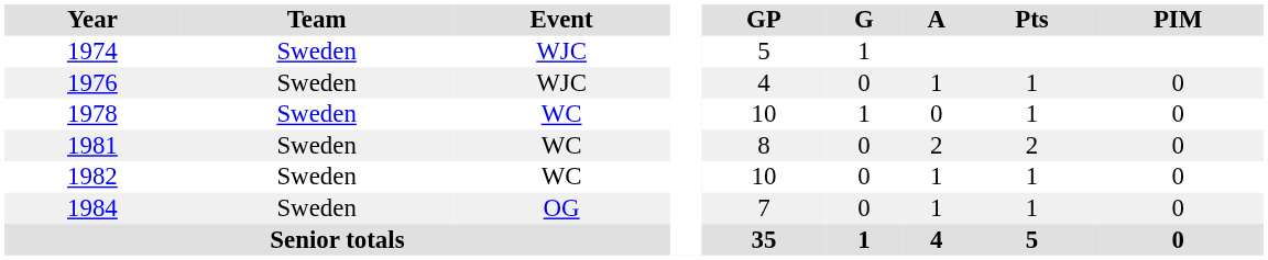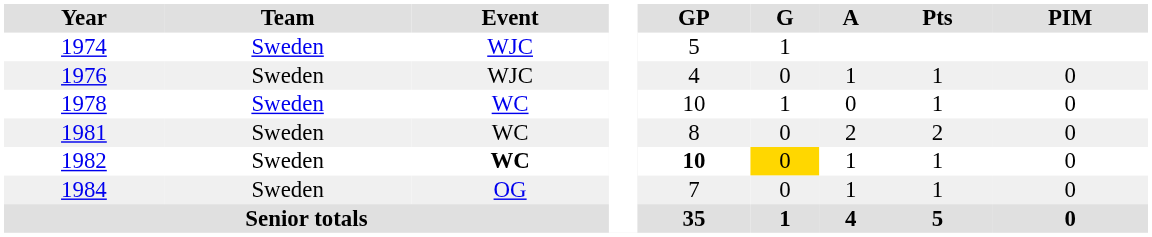 <table border="0" cellpadding="1" cellspacing="0" style="text-align:center; width:50em">
 <tr ALIGN="center" bgcolor="#e0e0e0">
 <th>Year</th>
 <th>Team</th>
 <th>Event</th>
 <th rowspan="99" bgcolor="#ffffff"> </th>
 <th>GP</th>
 <th>G</th>
 <th>A</th>
 <th>Pts</th>
 <th>PIM</th>
 </tr>
 <tr>
 <td><a href='#'>1974</a></td>
 <td><a href='#'>Sweden</a></td>
 <td><a href='#'>WJC</a></td>
 <td>5</td>
 <td>1</td>
 <td></td>
 <td></td>
 <td></td>
 </tr>
 <tr bgcolor="#f0f0f0">
 <td><a href='#'>1976</a></td>
 <td>Sweden</td>
 <td>WJC</td>
 <td>4</td>
 <td>0</td>
 <td>1</td>
 <td>1</td>
 <td>0</td>
 </tr>
 <tr>
 <td><a href='#'>1978</a></td>
 <td><a href='#'>Sweden</a></td>
 <td><a href='#'>WC</a></td>
 <td>10</td>
 <td>1</td>
 <td>0</td>
 <td>1</td>
 <td>0</td>
 </tr>
 <tr bgcolor="#f0f0f0">
 <td><a href='#'>1981</a></td>
 <td>Sweden</td>
 <td>WC</td>
 <td>8</td>
 <td>0</td>
 <td>2</td>
 <td>2</td>
 <td>0</td>
 </tr>
 <tr>
 <td><a href='#'>1982</a></td>
 <td>Sweden</td>
-<td>WC</td>
-<td>10</td>
-<td>0</td>
+<td><strong>WC</strong></td>
+<td><strong>10</strong></td>
+<td style="background: gold;">0</td>
 <td>1</td>
 <td>1</td>
 <td>0</td>
 </tr>
 <tr bgcolor="#f0f0f0">
 <td><a href='#'>1984</a></td>
 <td>Sweden</td>
 <td><a href='#'>OG</a></td>
 <td>7</td>
 <td>0</td>
 <td>1</td>
 <td>1</td>
 <td>0</td>
 </tr>
 <tr bgcolor="#e0e0e0">
 <th colspan=3>Senior totals</th>
 <th>35</th>
 <th>1</th>
 <th>4</th>
 <th>5</th>
 <th>0</th>
 </tr>
 </table>
